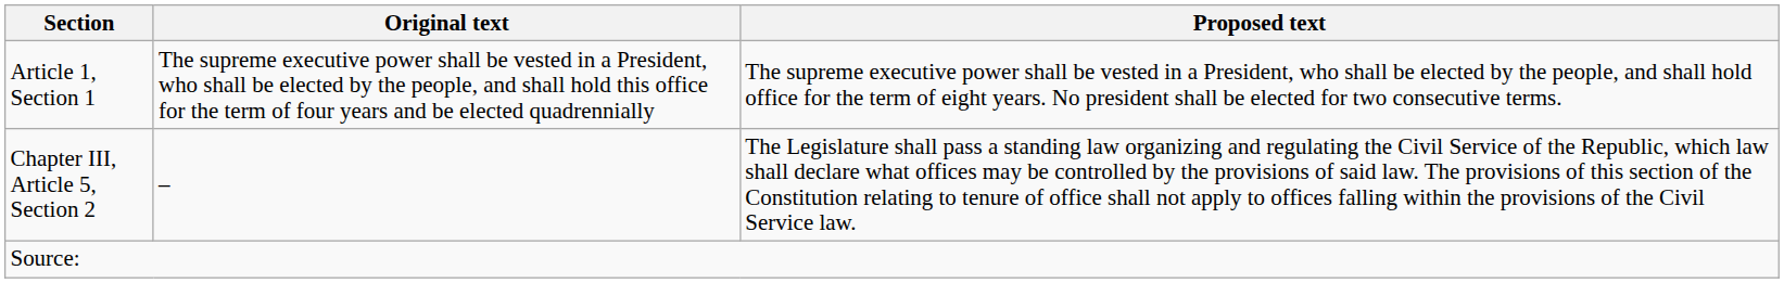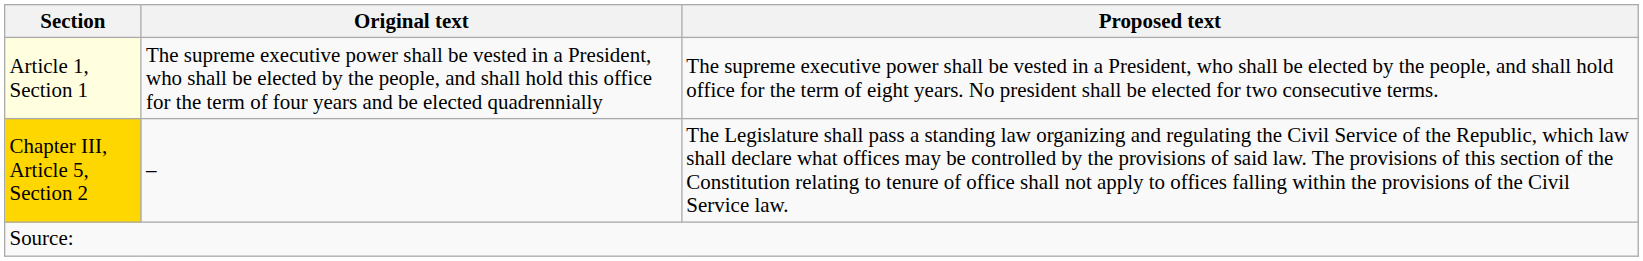 <table class=wikitable>
 <tr>
 <th>Section</th>
 <th>Original text</th>
 <th>Proposed text</th>
 </tr>
 <tr>
-<td> Article 1, Section 1</td>
+<td style="background: lightyellow;"> Article 1, Section 1</td>
 <td>The supreme executive power shall be vested in a President, who shall be elected by the people, and shall hold this office for the term of four years and be elected quadrennially</td>
 <td>The supreme executive power shall be vested in a President, who shall be elected by the people, and shall hold office for the term of eight years. No president shall be elected for two consecutive terms.</td>
 </tr>
 <tr>
-<td>Chapter III, Article 5, Section 2</td>
+<td style="background: gold;">Chapter III, Article 5, Section 2</td>
 <td>–</td>
 <td>The Legislature shall pass a standing law organizing and regulating the Civil Service of the Republic, which law shall declare what offices may be controlled by the provisions of said law. The provisions of this section of the Constitution relating to tenure of office shall not apply to offices falling within the provisions of the Civil Service law.</td>
 </tr>
 <tr>
 <td colspan=3>Source: </td>
 </tr>
 </table>
